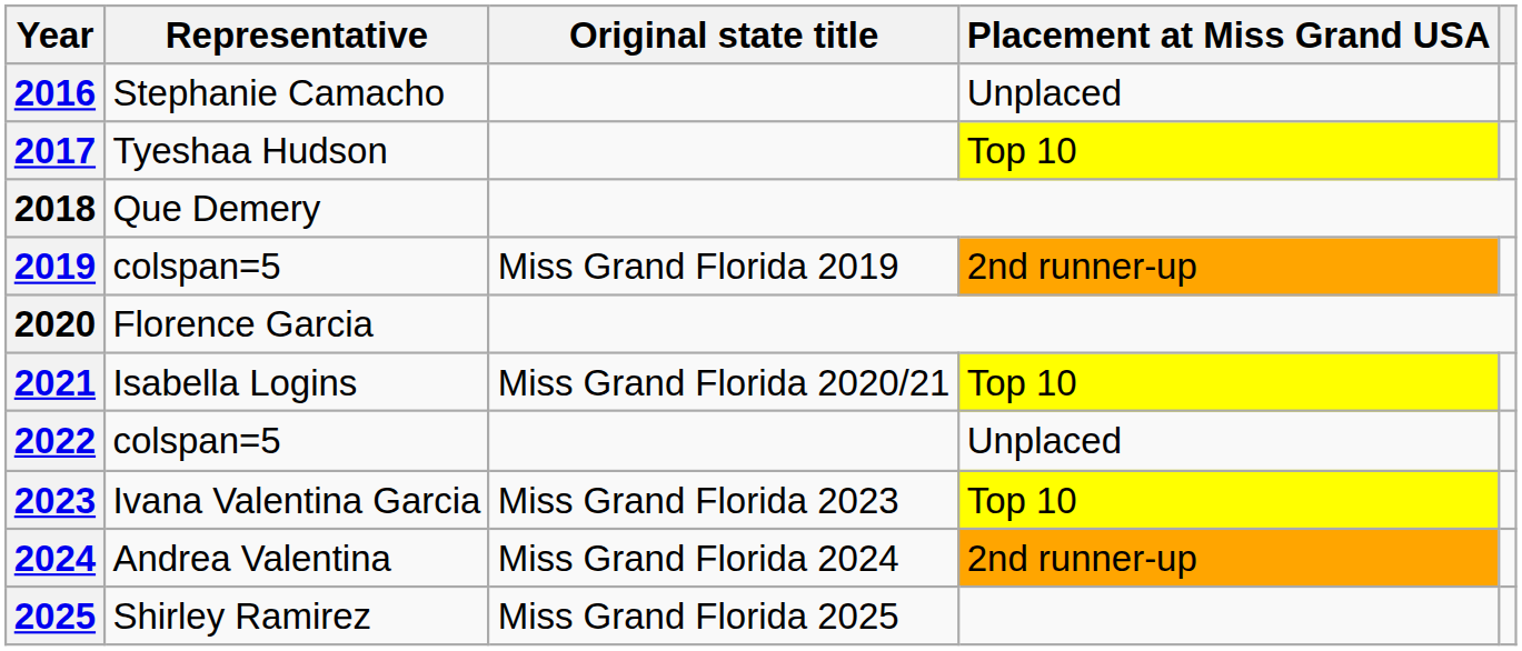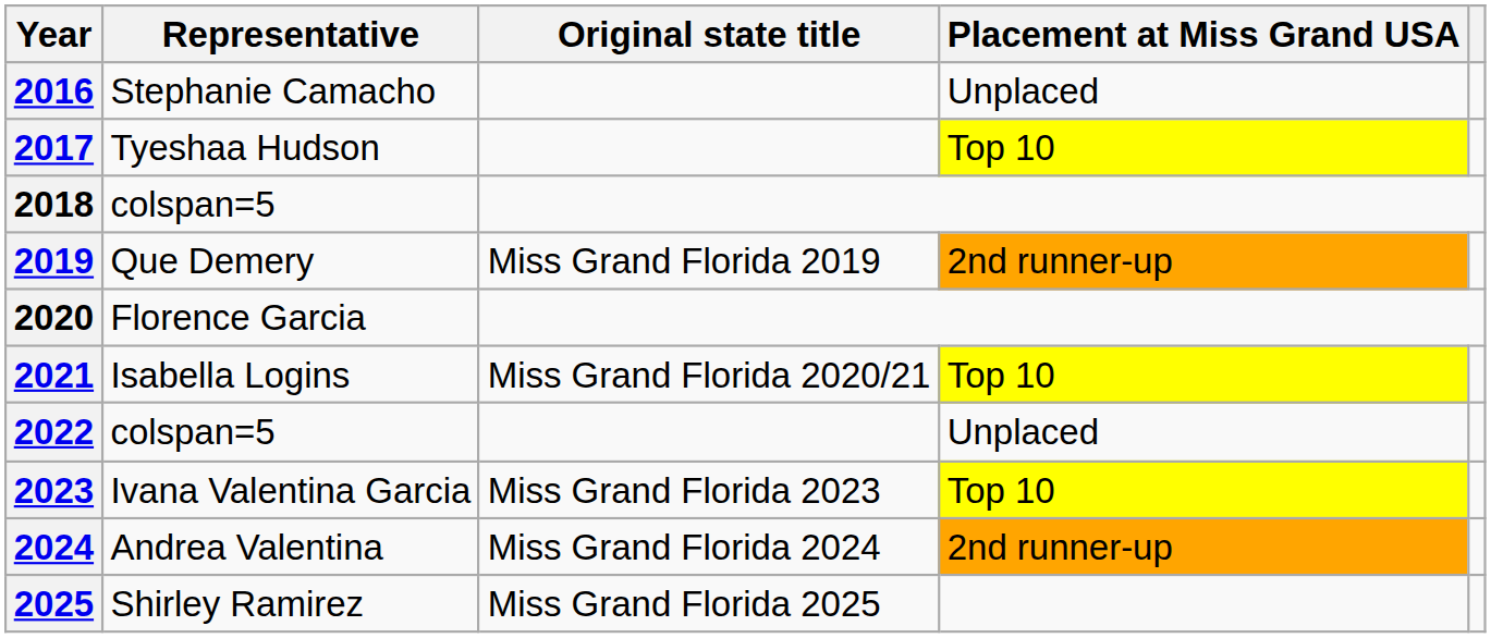 <table class="wikitable defaultcenter col2left" style="font-size:95%;">
 <tr>
 <th>Year</th>
 <th>Representative</th>
 <th>Original state title</th>
 <th>Placement at Miss Grand USA</th>
 <th></th>
 </tr>
 <tr>
 <th><a href='#'>2016</a></th>
 <td>Stephanie Camacho</td>
 <td></td>
 <td>Unplaced</td>
 <td></td>
 </tr>
 <tr>
 <th><a href='#'>2017</a></th>
 <td>Tyeshaa Hudson</td>
 <td></td>
 <td bgcolor=yellow>Top 10</td>
 <td></td>
 </tr>
 <tr>
 <th>2018</th>
-<td>Que Demery</td>
+<td>colspan=5 </td>
 </tr>
 <tr>
 <th><a href='#'>2019</a></th>
-<td>colspan=5 </td>
+<td>Que Demery</td>
 <td>Miss Grand Florida 2019</td>
 <td bgcolor=Orange>2nd runner-up</td>
 <td></td>
 </tr>
 <tr>
 <th>2020</th>
 <td>Florence Garcia</td>
 </tr>
 <tr>
 <th><a href='#'>2021</a></th>
 <td>Isabella Logins</td>
 <td>Miss Grand Florida 2020/21</td>
 <td bgcolor=yellow>Top 10</td>
 <td></td>
 </tr>
 <tr>
 <th><a href='#'>2022</a></th>
 <td>colspan=5 </td>
 <td></td>
 <td>Unplaced</td>
 <td></td>
 </tr>
 <tr>
 <th><a href='#'>2023</a></th>
 <td>Ivana Valentina Garcia</td>
 <td>Miss Grand Florida 2023</td>
 <td bgcolor=yellow>Top 10</td>
 <td></td>
 </tr>
 <tr>
 <th><a href='#'>2024</a></th>
 <td>Andrea Valentina</td>
 <td>Miss Grand Florida 2024</td>
 <td bgcolor=Orange>2nd runner-up</td>
 <td></td>
 </tr>
 <tr>
 <th><a href='#'>2025</a></th>
 <td>Shirley Ramirez</td>
 <td>Miss Grand Florida 2025</td>
 <td></td>
 <td></td>
 </tr>
 </table>
